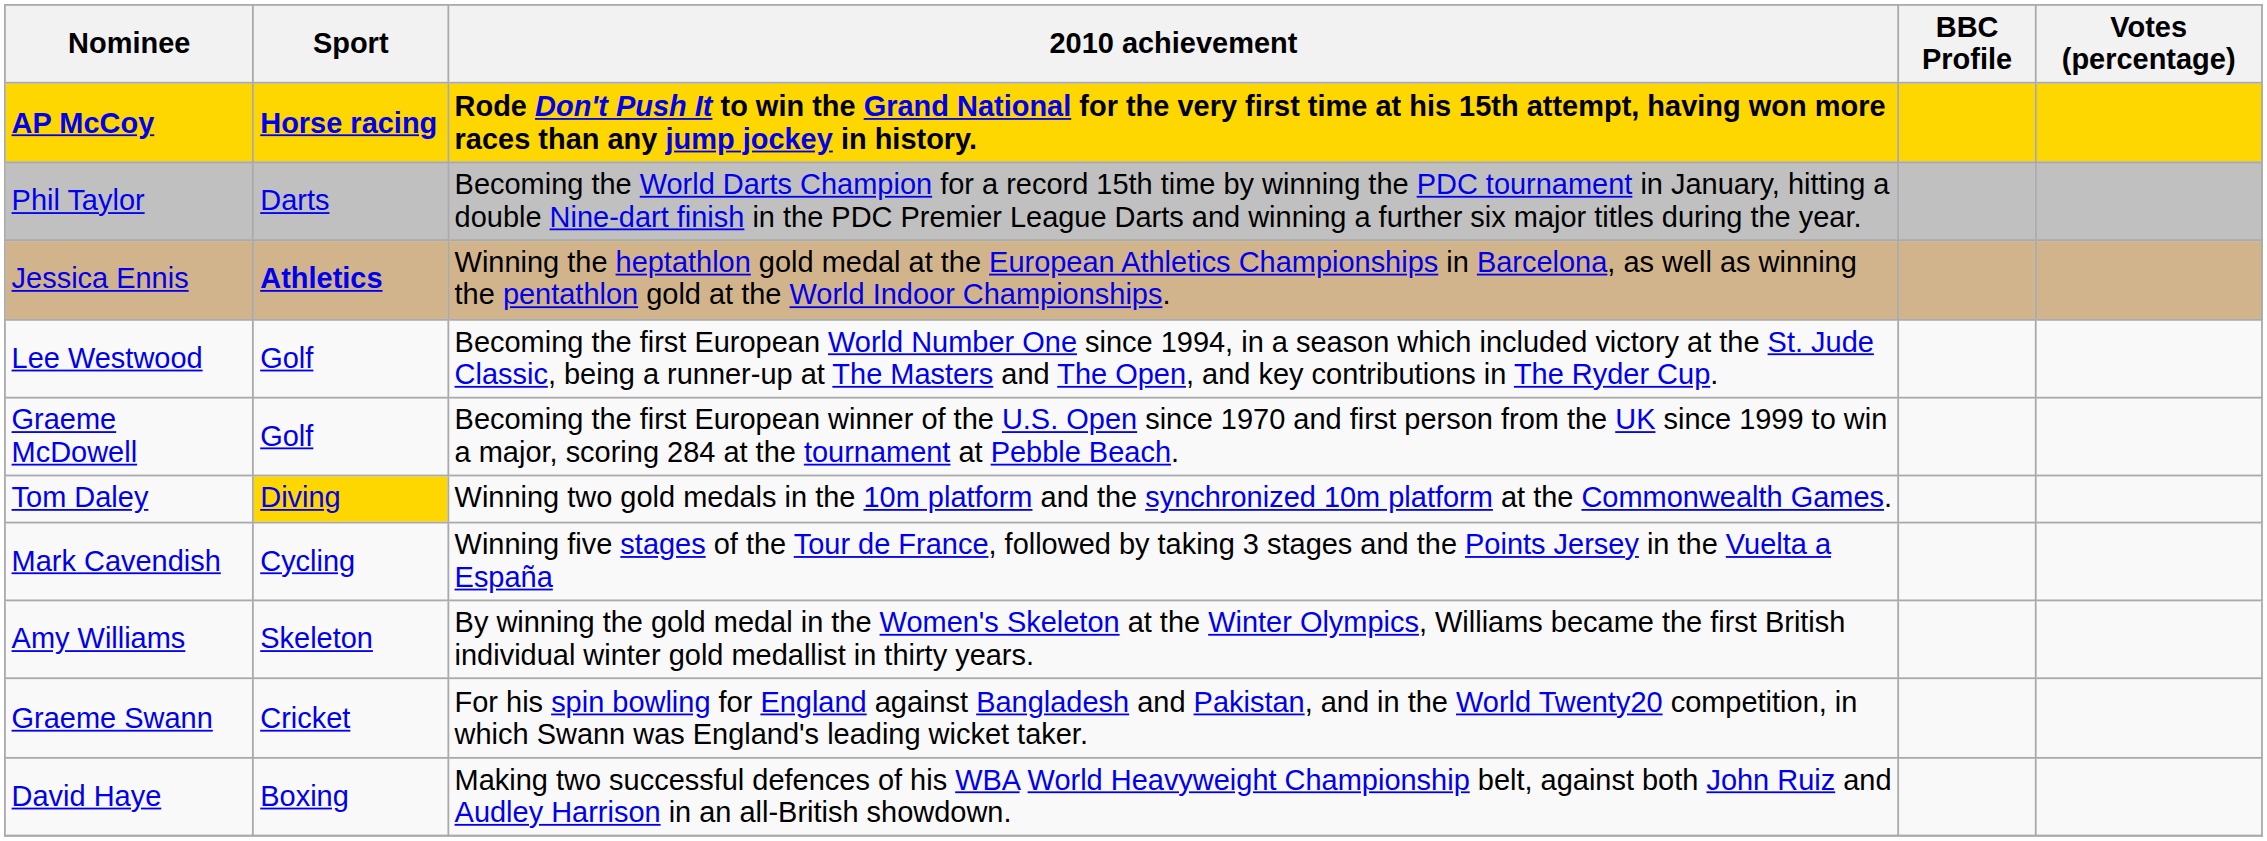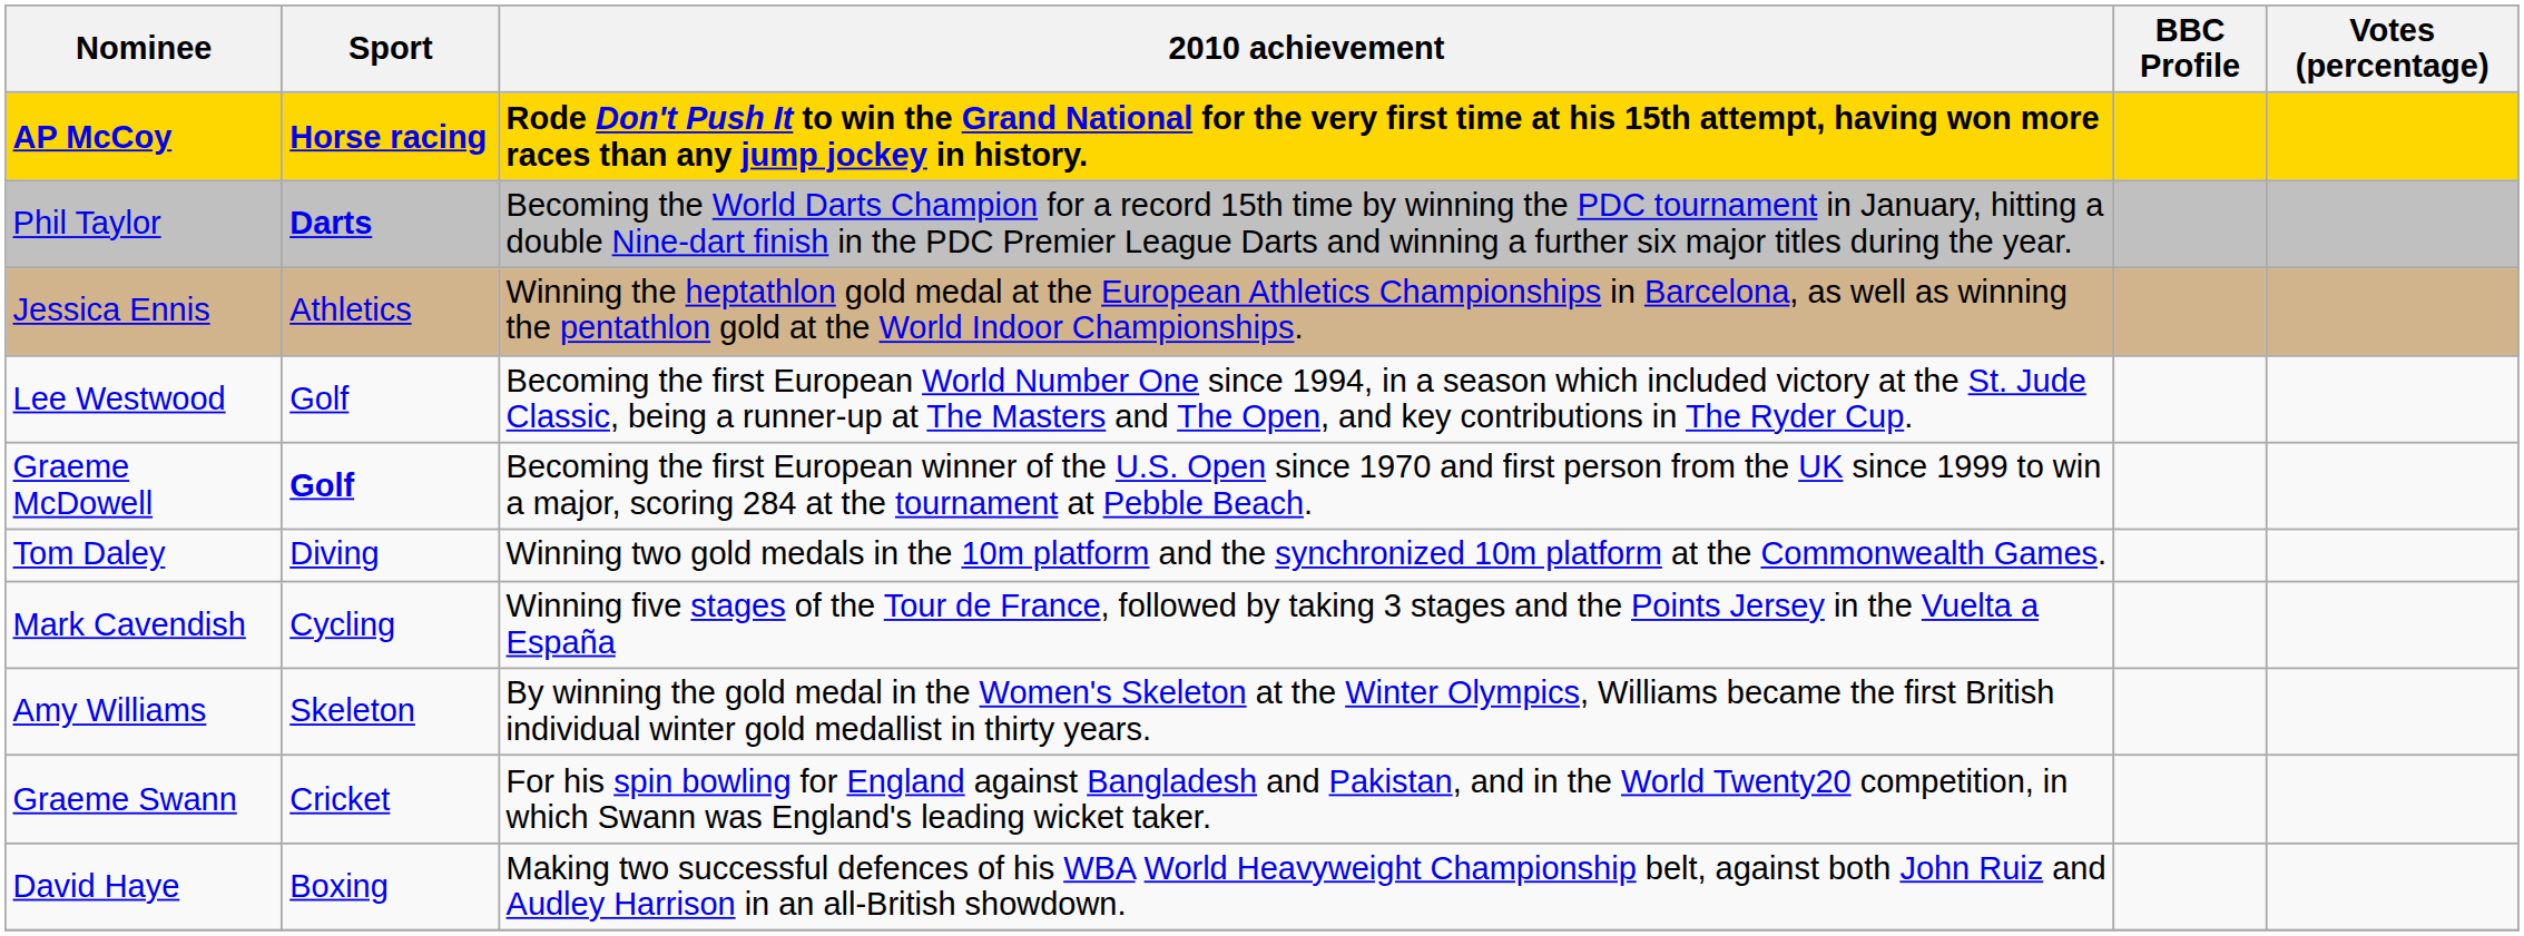 <table class="wikitable sortable">
 <tr>
 <th width="130">Nominee</th>
 <th width="100">Sport</th>
 <th>2010 achievement</th>
 <th>BBC Profile</th>
 <th>Votes (percentage)</th>
 </tr>
 <tr style="font-weight:bold; background:gold;">
 <td><a href='#'>AP McCoy</a></td>
 <td><a href='#'>Horse racing</a></td>
 <td>Rode <em><a href='#'>Don't Push It</a></em> to win the <a href='#'>Grand National</a> for the very first time at his 15th attempt, having won more races than any <a href='#'>jump jockey</a> in history.</td>
 <td></td>
 <td></td>
 </tr>
 <tr style="background:silver;">
 <td><a href='#'>Phil Taylor</a></td>
-<td><a href='#'>Darts</a></td>
+<td><strong><a href='#'>Darts</a></strong></td>
 <td>Becoming the <a href='#'>World Darts Champion</a> for a record 15th time by winning the <a href='#'>PDC tournament</a> in January, hitting a double <a href='#'>Nine-dart finish</a> in the PDC Premier League Darts and winning a further six major titles during the year.</td>
 <td></td>
 <td></td>
 </tr>
 <tr style="background:tan;">
 <td><a href='#'>Jessica Ennis</a></td>
-<td><strong><a href='#'>Athletics</a></strong></td>
+<td><a href='#'>Athletics</a></td>
 <td>Winning the <a href='#'>heptathlon</a> gold medal at the <a href='#'>European Athletics Championships</a> in <a href='#'>Barcelona</a>, as well as winning the <a href='#'>pentathlon</a> gold at the <a href='#'>World Indoor Championships</a>.</td>
 <td></td>
 <td></td>
 </tr>
 <tr>
 <td><a href='#'>Lee Westwood</a></td>
 <td><a href='#'>Golf</a></td>
 <td>Becoming the first European <a href='#'>World Number One</a> since 1994, in a season which included victory at the <a href='#'>St. Jude Classic</a>, being a runner-up at <a href='#'>The Masters</a> and <a href='#'>The Open</a>, and key contributions in <a href='#'>The Ryder Cup</a>.</td>
 <td></td>
 <td></td>
 </tr>
 <tr>
 <td><a href='#'>Graeme McDowell</a></td>
-<td><a href='#'>Golf</a></td>
+<td><strong><a href='#'>Golf</a></strong></td>
 <td>Becoming the first European winner of the <a href='#'>U.S. Open</a> since 1970 and first person from the <a href='#'>UK</a> since 1999 to win a major, scoring 284 at the <a href='#'>tournament</a> at <a href='#'>Pebble Beach</a>.</td>
 <td></td>
 <td></td>
 </tr>
 <tr>
 <td><a href='#'>Tom Daley</a></td>
-<td style="background: gold;"><a href='#'>Diving</a></td>
+<td><a href='#'>Diving</a></td>
 <td>Winning two gold medals in the <a href='#'>10m platform</a> and the <a href='#'>synchronized 10m platform</a> at the <a href='#'>Commonwealth Games</a>.</td>
 <td></td>
 <td></td>
 </tr>
 <tr>
 <td><a href='#'>Mark Cavendish</a></td>
 <td><a href='#'>Cycling</a></td>
 <td>Winning five <a href='#'>stages</a> of the <a href='#'>Tour de France</a>, followed by taking 3 stages and the <a href='#'>Points Jersey</a> in the <a href='#'>Vuelta a España</a></td>
 <td></td>
 <td></td>
 </tr>
 <tr>
 <td><a href='#'>Amy Williams</a></td>
 <td><a href='#'>Skeleton</a></td>
 <td>By winning the gold medal in the <a href='#'>Women's Skeleton</a> at the <a href='#'>Winter Olympics</a>, Williams became the first British individual winter gold medallist in thirty years.</td>
 <td></td>
 <td></td>
 </tr>
 <tr>
 <td><a href='#'>Graeme Swann</a></td>
 <td><a href='#'>Cricket</a></td>
 <td>For his <a href='#'>spin bowling</a> for <a href='#'>England</a> against <a href='#'>Bangladesh</a> and <a href='#'>Pakistan</a>, and in the <a href='#'>World Twenty20</a> competition, in which Swann was England's leading wicket taker.</td>
 <td></td>
 <td></td>
 </tr>
 <tr>
 <td><a href='#'>David Haye</a></td>
 <td><a href='#'>Boxing</a></td>
 <td>Making two successful defences of his <a href='#'>WBA</a> <a href='#'>World Heavyweight Championship</a> belt, against both <a href='#'>John Ruiz</a> and <a href='#'>Audley Harrison</a> in an all-British showdown.</td>
 <td></td>
 <td></td>
 </tr>
 <tr>
 </tr>
 </table>
